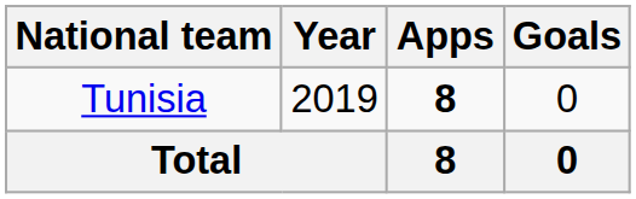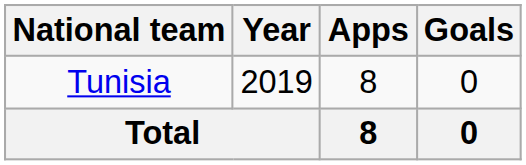 <table class="wikitable" style="text-align:center">
 <tr>
 <th>National team</th>
 <th>Year</th>
 <th>Apps</th>
 <th>Goals</th>
 </tr>
 <tr>
 <td><a href='#'>Tunisia</a></td>
 <td>2019</td>
-<td><strong>8</strong></td>
+<td>8</td>
 <td>0</td>
 </tr>
 <tr>
 <th colspan="2">Total</th>
 <th>8</th>
 <th>0</th>
 </tr>
 </table>
